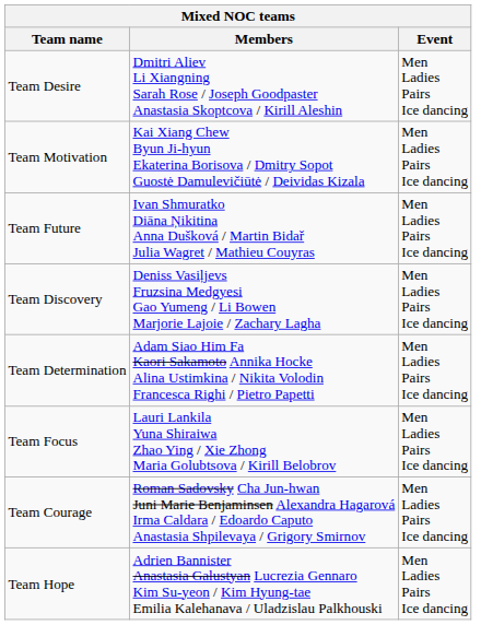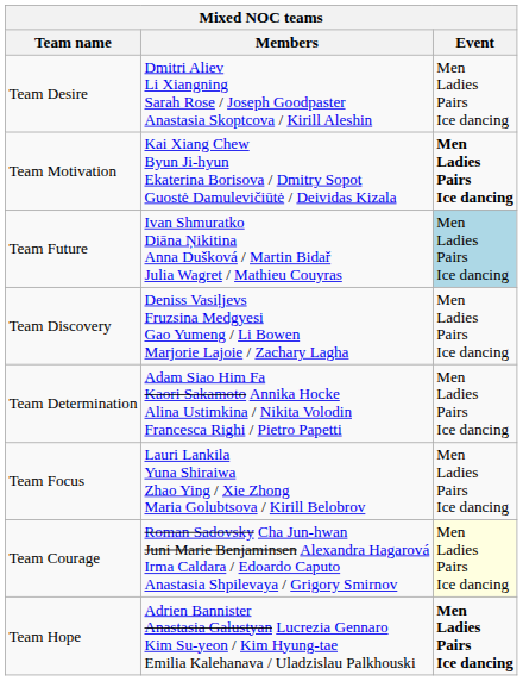 <table class="wikitable">
 <tr>
 <th colspan=6 align=center>Mixed NOC teams</th>
 </tr>
 <tr>
 <th>Team name</th>
 <th>Members</th>
 <th>Event</th>
 </tr>
 <tr>
 <td>Team Desire</td>
 <td> <a href='#'>Dmitri Aliev</a> <br>  <a href='#'>Li Xiangning</a> <br>  <a href='#'>Sarah Rose</a> / <a href='#'>Joseph Goodpaster</a> <br>  <a href='#'>Anastasia Skoptcova</a> / <a href='#'>Kirill Aleshin</a></td>
 <td>Men <br> Ladies <br> Pairs <br> Ice dancing</td>
 </tr>
 <tr>
 <td>Team Motivation</td>
 <td> <a href='#'>Kai Xiang Chew</a> <br>  <a href='#'>Byun Ji-hyun</a> <br>  <a href='#'>Ekaterina Borisova</a> / <a href='#'>Dmitry Sopot</a> <br>  <a href='#'>Guostė Damulevičiūtė</a> / <a href='#'>Deividas Kizala</a></td>
-<td>Men <br> Ladies <br> Pairs <br> Ice dancing</td>
+<td><strong>Men <br> Ladies <br> Pairs <br> Ice dancing</strong></td>
 </tr>
 <tr>
 <td>Team Future</td>
 <td> <a href='#'>Ivan Shmuratko</a> <br>  <a href='#'>Diāna Ņikitina</a> <br>  <a href='#'>Anna Dušková</a> / <a href='#'>Martin Bidař</a> <br>  <a href='#'>Julia Wagret</a> / <a href='#'>Mathieu Couyras</a></td>
-<td>Men <br> Ladies <br> Pairs <br> Ice dancing</td>
+<td style="background: lightblue;">Men <br> Ladies <br> Pairs <br> Ice dancing</td>
 </tr>
 <tr>
 <td>Team Discovery</td>
 <td> <a href='#'>Deniss Vasiļjevs</a> <br>  <a href='#'>Fruzsina Medgyesi</a> <br>  <a href='#'>Gao Yumeng</a> / <a href='#'>Li Bowen</a> <br>  <a href='#'>Marjorie Lajoie</a> / <a href='#'>Zachary Lagha</a></td>
 <td>Men <br> Ladies <br> Pairs <br> Ice dancing</td>
 </tr>
 <tr>
 <td>Team Determination</td>
 <td> <a href='#'>Adam Siao Him Fa</a> <br>  <s><a href='#'>Kaori Sakamoto</a></s>  <a href='#'>Annika Hocke</a> <br>  <a href='#'>Alina Ustimkina</a> / <a href='#'>Nikita Volodin</a> <br>  <a href='#'>Francesca Righi</a> / <a href='#'>Pietro Papetti</a></td>
 <td>Men <br> Ladies <br> Pairs <br> Ice dancing</td>
 </tr>
 <tr>
 <td>Team Focus</td>
 <td> <a href='#'>Lauri Lankila</a> <br>  <a href='#'>Yuna Shiraiwa</a> <br>  <a href='#'>Zhao Ying</a> / <a href='#'>Xie Zhong</a> <br>  <a href='#'>Maria Golubtsova</a> / <a href='#'>Kirill Belobrov</a></td>
 <td>Men <br> Ladies <br> Pairs <br> Ice dancing</td>
 </tr>
 <tr>
 <td>Team Courage</td>
 <td> <s><a href='#'>Roman Sadovsky</a></s>  <a href='#'>Cha Jun-hwan</a> <br>  <s>Juni Marie Benjaminsen</s>  <a href='#'>Alexandra Hagarová</a> <br>  <a href='#'>Irma Caldara</a> / <a href='#'>Edoardo Caputo</a> <br>  <a href='#'>Anastasia Shpilevaya</a> / <a href='#'>Grigory Smirnov</a></td>
-<td>Men <br> Ladies <br> Pairs <br> Ice dancing</td>
+<td style="background: lightyellow;">Men <br> Ladies <br> Pairs <br> Ice dancing</td>
 </tr>
 <tr>
 <td>Team Hope</td>
 <td> <a href='#'>Adrien Bannister</a> <br>  <s><a href='#'>Anastasia Galustyan</a></s>  <a href='#'>Lucrezia Gennaro</a> <br>  <a href='#'>Kim Su-yeon</a> / <a href='#'>Kim Hyung-tae</a> <br>  Emilia Kalehanava / Uladzislau Palkhouski</td>
-<td>Men <br> Ladies <br> Pairs <br> Ice dancing</td>
+<td><strong>Men <br> Ladies <br> Pairs <br> Ice dancing</strong></td>
 </tr>
 </table>
